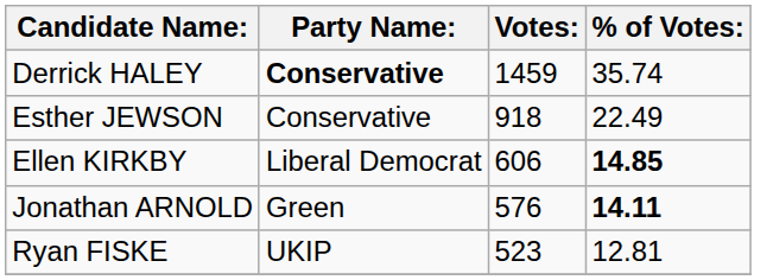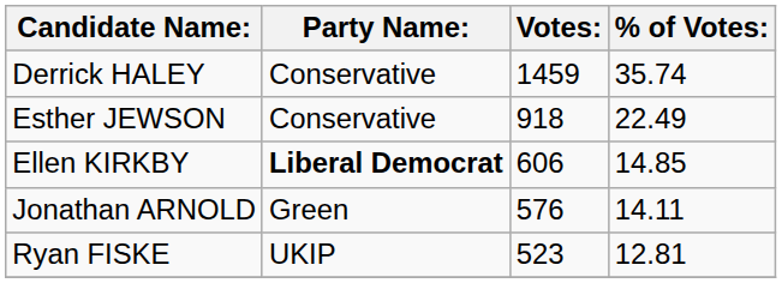 <table class="wikitable">
 <tr>
 <th>Candidate Name:</th>
 <th>Party Name:</th>
 <th>Votes:</th>
 <th>% of Votes:</th>
 </tr>
 <tr>
 <td>Derrick HALEY</td>
-<td><strong>Conservative</strong></td>
+<td>Conservative</td>
 <td>1459</td>
 <td>35.74</td>
 </tr>
 <tr>
 <td>Esther JEWSON</td>
 <td>Conservative</td>
 <td>918</td>
 <td>22.49</td>
 </tr>
 <tr>
 <td>Ellen KIRKBY</td>
-<td>Liberal Democrat</td>
+<td><strong>Liberal Democrat</strong></td>
 <td>606</td>
-<td><strong>14.85</strong></td>
+<td>14.85</td>
 </tr>
 <tr>
 <td>Jonathan ARNOLD</td>
 <td>Green</td>
 <td>576</td>
-<td><strong>14.11</strong></td>
+<td>14.11</td>
 </tr>
 <tr>
 <td>Ryan FISKE</td>
 <td>UKIP</td>
 <td>523</td>
 <td>12.81</td>
 </tr>
 <tr>
 </tr>
 </table>
